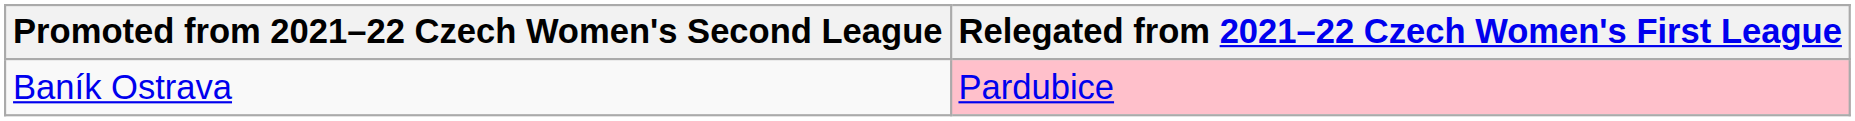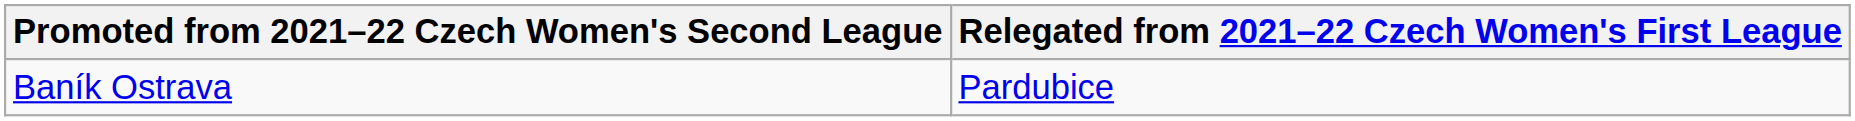 <table class="wikitable">
 <tr>
 <th>Promoted from 2021–22 Czech Women's Second League</th>
 <th>Relegated from <a href='#'>2021–22 Czech Women's First League</a></th>
 </tr>
 <tr>
 <td><a href='#'>Baník Ostrava</a></td>
-<td style="background: pink;"><a href='#'>Pardubice</a></td>
+<td><a href='#'>Pardubice</a></td>
 </tr>
 </table>
